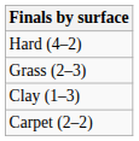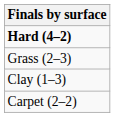 <table class="wikitable sortable mw-collapsible mw-collapsed">
 <tr>
 <th>Finals by surface</th>
 </tr>
 <tr>
-<td>Hard (4–2)</td>
+<td><strong>Hard (4–2)</strong></td>
 </tr>
 <tr>
 <td>Grass (2–3)</td>
 </tr>
 <tr>
 <td>Clay (1–3)</td>
 </tr>
 <tr>
 <td>Carpet (2–2)</td>
 </tr>
 </table>
